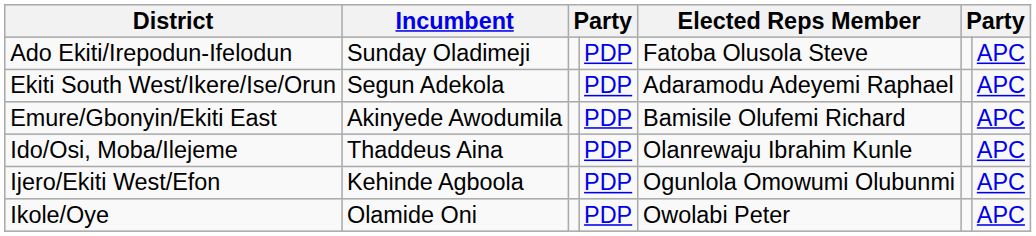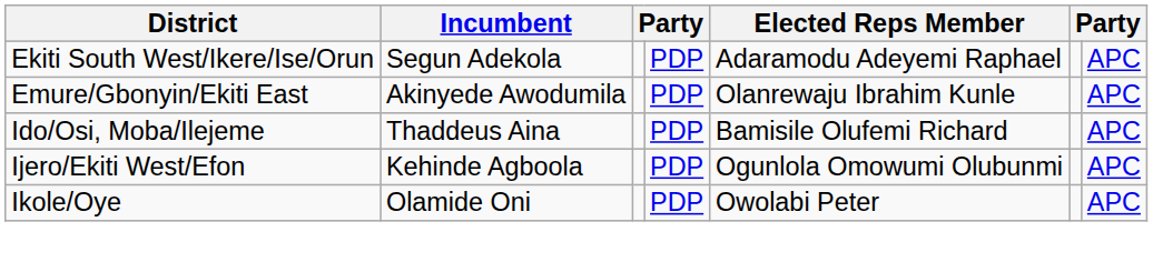 <table class="sortable wikitable" style="font-size:95%;line-height:14px;">
 <tr>
 <th class="unsortable">District</th>
 <th class="unsortable"><a href='#'>Incumbent</a></th>
 <th colspan="2">Party</th>
 <th class="unsortable">Elected Reps Member</th>
 <th colspan="2">Party</th>
-</tr>
-<tr>
-<td>Ado Ekiti/Irepodun-Ifelodun</td>
-<td>Sunday Oladimeji</td>
-<td style="background-color:"></td>
-<td><a href='#'>PDP</a></td>
-<td>Fatoba Olusola Steve</td>
-<td style="background:"></td>
-<td><a href='#'>APC</a></td>
 </tr>
 <tr>
 <td>Ekiti South West/Ikere/Ise/Orun</td>
 <td>Segun Adekola</td>
 <td style="background-color:"></td>
 <td><a href='#'>PDP</a></td>
 <td>Adaramodu Adeyemi Raphael</td>
 <td style="background:"></td>
 <td><a href='#'>APC</a></td>
 </tr>
 <tr>
 <td>Emure/Gbonyin/Ekiti East</td>
 <td>Akinyede Awodumila</td>
 <td style="background-color:"></td>
 <td><a href='#'>PDP</a></td>
-<td>Bamisile Olufemi Richard</td>
+<td>Olanrewaju Ibrahim Kunle</td>
 <td style="background:"></td>
 <td><a href='#'>APC</a></td>
 </tr>
 <tr>
 <td>Ido/Osi, Moba/Ilejeme</td>
 <td>Thaddeus Aina</td>
 <td style="background-color:"></td>
 <td><a href='#'>PDP</a></td>
-<td>Olanrewaju Ibrahim Kunle</td>
+<td>Bamisile Olufemi Richard</td>
 <td style="background:"></td>
 <td><a href='#'>APC</a></td>
 </tr>
 <tr>
 <td>Ijero/Ekiti West/Efon</td>
 <td>Kehinde Agboola</td>
 <td style="background-color:"></td>
 <td><a href='#'>PDP</a></td>
 <td>Ogunlola Omowumi Olubunmi</td>
 <td style="background:"></td>
 <td><a href='#'>APC</a></td>
 </tr>
 <tr>
 <td>Ikole/Oye</td>
 <td>Olamide Oni</td>
 <td style="background-color:"></td>
 <td><a href='#'>PDP</a></td>
 <td>Owolabi Peter</td>
 <td style="background:"></td>
 <td><a href='#'>APC</a></td>
 </tr>
 </table>
